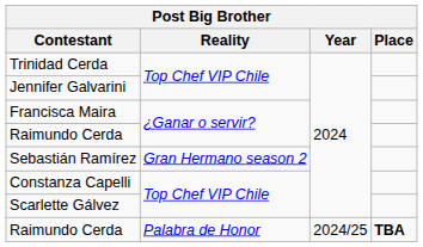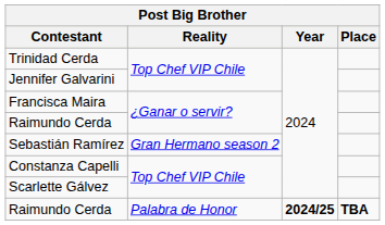 <table class="wikitable collapsible collapsed" style="margin:1em auto; "text-align:center">
 <tr>
 <th colspan="34">Post Big Brother</th>
 </tr>
 <tr style="background:beige" bgcolor="#DDDDDD">
 <th>Contestant</th>
 <th>Reality</th>
 <th>Year</th>
 <th>Place</th>
 </tr>
 <tr>
 <td>Trinidad Cerda</td>
 <td rowspan="2"><em><a href='#'>Top Chef VIP Chile</a></em></td>
 <td rowspan="7">2024</td>
 <td></td>
 </tr>
 <tr>
 <td>Jennifer Galvarini</td>
 <td></td>
 </tr>
 <tr>
 <td>Francisca Maira</td>
 <td rowspan="2"><em><a href='#'>¿Ganar o servir?</a></em></td>
 <td></td>
 </tr>
 <tr>
 <td>Raimundo Cerda</td>
 <td></td>
 </tr>
 <tr>
 <td>Sebastián Ramírez</td>
 <td><em><a href='#'>Gran Hermano season 2</a></em></td>
 <td></td>
 </tr>
 <tr>
 <td>Constanza Capelli</td>
 <td rowspan="2"><em><a href='#'>Top Chef VIP Chile</a></em></td>
 <td></td>
 </tr>
 <tr>
 <td>Scarlette Gálvez</td>
 <td></td>
 </tr>
 <tr>
 <td>Raimundo Cerda</td>
 <td><em><a href='#'>Palabra de Honor</a></em></td>
-<td>2024/25</td>
+<td><strong>2024/25</strong></td>
 <td><strong>TBA</strong></td>
 </tr>
 </table>
